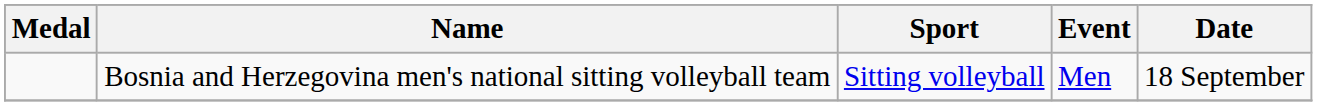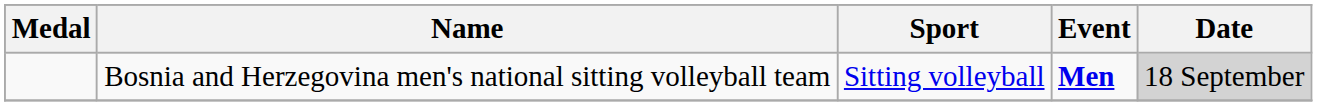 <table class="wikitable sortable" style="font-size:95%">
 <tr>
 <th>Medal</th>
 <th>Name</th>
 <th>Sport</th>
 <th>Event</th>
 <th>Date</th>
 </tr>
 <tr>
 <td></td>
 <td>Bosnia and Herzegovina men's national sitting volleyball team<br></td>
 <td><a href='#'>Sitting volleyball</a></td>
-<td><a href='#'>Men</a></td>
-<td>18 September</td>
+<td><strong><a href='#'>Men</a></strong></td>
+<td style="background: lightgrey;">18 September</td>
 </tr>
 <tr>
 </tr>
 </table>
